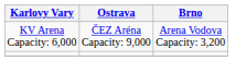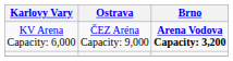 <table class="wikitable" style="text-align:center;">
 <tr>
 <th><a href='#'>Karlovy Vary</a></th>
 <th><a href='#'>Ostrava</a></th>
 <th><a href='#'>Brno</a></th>
 </tr>
 <tr>
 <td><a href='#'>KV Arena</a><br>Capacity: 6,000</td>
 <td><a href='#'>ČEZ Aréna</a><br>Capacity: 9,000</td>
-<td><a href='#'>Arena Vodova</a><br>Capacity: 3,200</td>
+<td><strong><a href='#'>Arena Vodova</a><br>Capacity: 3,200</strong></td>
 </tr>
 <tr>
 <td></td>
 <td></td>
 <td></td>
 </tr>
 <tr>
 </tr>
 </table>
